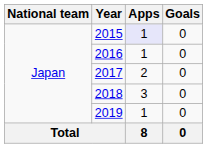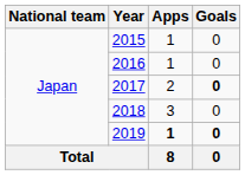 <table class="wikitable" style="text-align:center">
 <tr>
 <th>National team</th>
 <th>Year</th>
 <th>Apps</th>
 <th>Goals</th>
 </tr>
 <tr>
 <td rowspan="5"><a href='#'>Japan</a></td>
 <td><a href='#'>2015</a></td>
-<td style="background: lavender;">1</td>
+<td>1</td>
 <td>0</td>
 </tr>
 <tr>
 <td><a href='#'>2016</a></td>
 <td>1</td>
 <td>0</td>
 </tr>
 <tr>
 <td><a href='#'>2017</a></td>
 <td>2</td>
-<td>0</td>
+<td><strong>0</strong></td>
 </tr>
 <tr>
 <td><a href='#'>2018</a></td>
 <td>3</td>
 <td>0</td>
 </tr>
 <tr>
 <td><a href='#'>2019</a></td>
-<td>1</td>
-<td>0</td>
+<td><strong>1</strong></td>
+<td><strong>0</strong></td>
 </tr>
 <tr>
 <th colspan="2">Total</th>
 <th>8</th>
 <th>0</th>
 </tr>
 </table>
